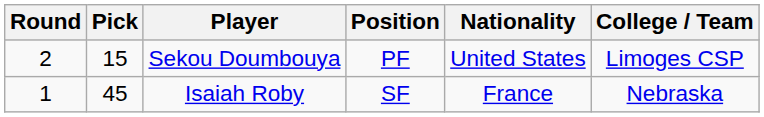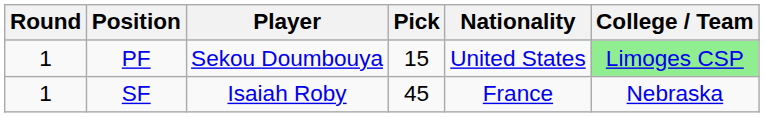 <table class="wikitable sortable sortable">
 <tr>
 <th>Round</th>
+<th>Position</th>
+<th>Player</th>
 <th>Pick</th>
-<th>Player</th>
-<th>Position</th>
 <th>Nationality</th>
 <th>College / Team</th>
 </tr>
 <tr style="text-align: center">
-<td>2</td>
+<td>1</td>
+<td><a href='#'>PF</a></td>
+<td><a href='#'>Sekou Doumbouya</a></td>
 <td>15</td>
-<td><a href='#'>Sekou Doumbouya</a></td>
-<td><a href='#'>PF</a></td>
 <td> <a href='#'>United States</a></td>
-<td><a href='#'>Limoges CSP</a></td>
+<td style="background: lightgreen;"><a href='#'>Limoges CSP</a></td>
 </tr>
 <tr style="text-align: center">
 <td>1</td>
+<td><a href='#'>SF</a></td>
+<td><a href='#'>Isaiah Roby</a></td>
 <td>45</td>
-<td><a href='#'>Isaiah Roby</a></td>
-<td><a href='#'>SF</a></td>
 <td> <a href='#'>France</a></td>
 <td><a href='#'>Nebraska</a></td>
 </tr>
 </table>
